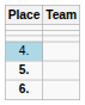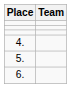 <table class="wikitable">
 <tr>
 <th>Place</th>
 <th>Team</th>
 </tr>
 <tr>
 <td align="center"></td>
 <td></td>
 </tr>
 <tr>
 <td align="center"></td>
 <td></td>
 </tr>
 <tr>
 <td align="center"></td>
 <td></td>
 </tr>
 <tr>
-<td align="center" style="background: lightblue;">4.</td>
+<td align="center">4.</td>
 <td></td>
 </tr>
 <tr>
-<td align="center"><strong>5.</strong></td>
+<td align="center">5.</td>
 <td></td>
 </tr>
 <tr>
-<td align="center"><strong>6.</strong></td>
+<td align="center">6.</td>
 <td></td>
 </tr>
 </table>
